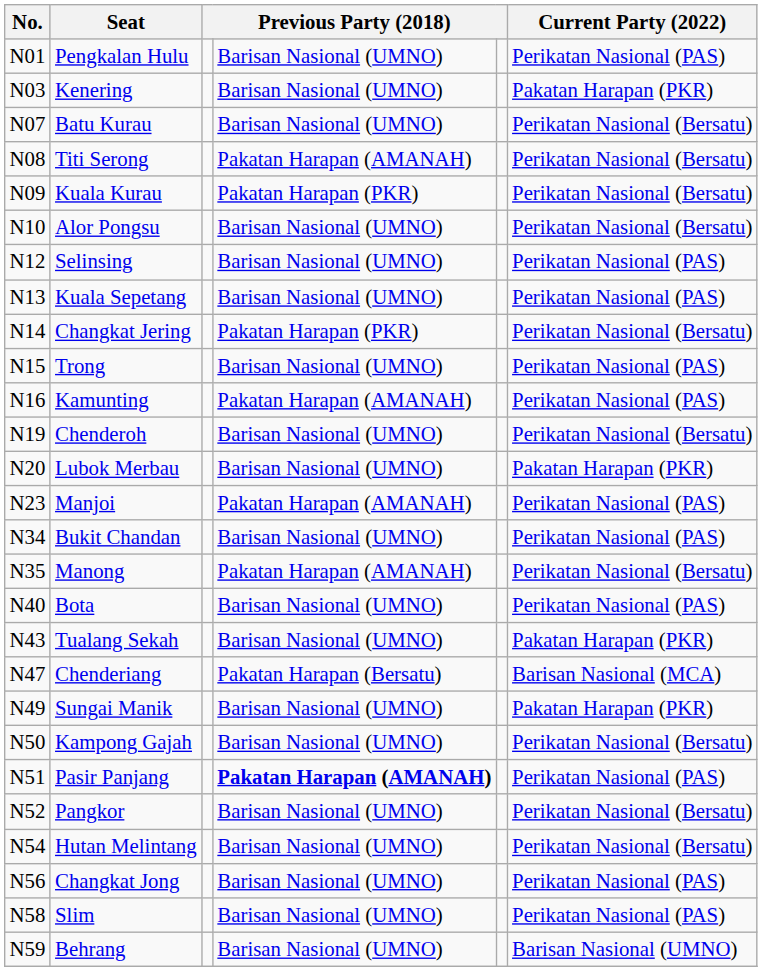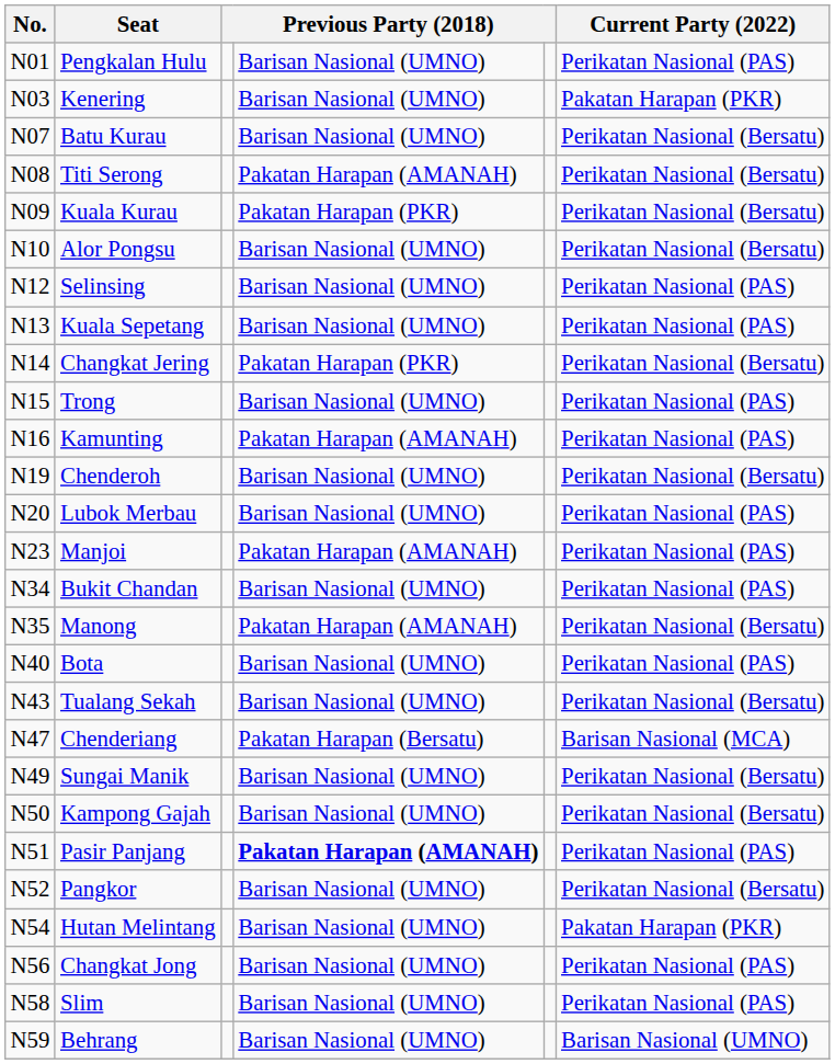 <table class="wikitable sortable" style="font-size:95%;">
 <tr>
 <th scope="col">No.</th>
 <th scope="col">Seat</th>
 <th colspan="3" scope="col">Previous Party (2018)</th>
 <th colspan="3" scope="col">Current Party (2022)</th>
 </tr>
 <tr>
 <td>N01</td>
 <td><a href='#'>Pengkalan Hulu</a></td>
 <td width="1"></td>
 <td><a href='#'>Barisan Nasional</a> (<a href='#'>UMNO</a>)</td>
 <td width="1"></td>
 <td><a href='#'>Perikatan Nasional</a> (<a href='#'>PAS</a>)</td>
 </tr>
 <tr>
 <td>N03</td>
 <td><a href='#'>Kenering</a></td>
 <td width="1"></td>
 <td><a href='#'>Barisan Nasional</a> (<a href='#'>UMNO</a>)</td>
 <td width="1"></td>
 <td><a href='#'>Pakatan Harapan</a> (<a href='#'>PKR</a>)</td>
 </tr>
 <tr>
 <td>N07</td>
 <td><a href='#'>Batu Kurau</a></td>
 <td width="1"></td>
 <td><a href='#'>Barisan Nasional</a> (<a href='#'>UMNO</a>)</td>
 <td width="1"></td>
 <td><a href='#'>Perikatan Nasional</a> (<a href='#'>Bersatu</a>)</td>
 </tr>
 <tr>
 <td>N08</td>
 <td><a href='#'>Titi Serong</a></td>
 <td width="1"></td>
 <td><a href='#'>Pakatan Harapan</a> (<a href='#'>AMANAH</a>)</td>
 <td width="1"></td>
 <td><a href='#'>Perikatan Nasional</a> (<a href='#'>Bersatu</a>)</td>
 </tr>
 <tr>
 <td>N09</td>
 <td><a href='#'>Kuala Kurau</a></td>
 <td width="1"></td>
 <td><a href='#'>Pakatan Harapan</a> (<a href='#'>PKR</a>)</td>
 <td width="1"></td>
 <td><a href='#'>Perikatan Nasional</a> (<a href='#'>Bersatu</a>)</td>
 </tr>
 <tr>
 <td>N10</td>
 <td><a href='#'>Alor Pongsu</a></td>
 <td width="1"></td>
 <td><a href='#'>Barisan Nasional</a> (<a href='#'>UMNO</a>)</td>
 <td width="1"></td>
 <td><a href='#'>Perikatan Nasional</a> (<a href='#'>Bersatu</a>)</td>
 </tr>
 <tr>
 <td>N12</td>
 <td><a href='#'>Selinsing</a></td>
 <td width="1"></td>
 <td><a href='#'>Barisan Nasional</a> (<a href='#'>UMNO</a>)</td>
 <td width="1"></td>
 <td><a href='#'>Perikatan Nasional</a> (<a href='#'>PAS</a>)</td>
 </tr>
 <tr>
 <td>N13</td>
 <td><a href='#'>Kuala Sepetang</a></td>
 <td width="1"></td>
 <td><a href='#'>Barisan Nasional</a> (<a href='#'>UMNO</a>)</td>
 <td width="1"></td>
 <td><a href='#'>Perikatan Nasional</a> (<a href='#'>PAS</a>)</td>
 </tr>
 <tr>
 <td>N14</td>
 <td><a href='#'>Changkat Jering</a></td>
 <td width="1"></td>
 <td><a href='#'>Pakatan Harapan</a> (<a href='#'>PKR</a>)</td>
 <td width="1"></td>
 <td><a href='#'>Perikatan Nasional</a> (<a href='#'>Bersatu</a>)</td>
 </tr>
 <tr>
 <td>N15</td>
 <td><a href='#'>Trong</a></td>
 <td width="1"></td>
 <td><a href='#'>Barisan Nasional</a> (<a href='#'>UMNO</a>)</td>
 <td width="1"></td>
 <td><a href='#'>Perikatan Nasional</a> (<a href='#'>PAS</a>)</td>
 </tr>
 <tr>
 <td>N16</td>
 <td><a href='#'>Kamunting</a></td>
 <td width="1"></td>
 <td><a href='#'>Pakatan Harapan</a> (<a href='#'>AMANAH</a>)</td>
 <td width="1"></td>
 <td><a href='#'>Perikatan Nasional</a> (<a href='#'>PAS</a>)</td>
 </tr>
 <tr>
 <td>N19</td>
 <td><a href='#'>Chenderoh</a></td>
 <td width="1"></td>
 <td><a href='#'>Barisan Nasional</a> (<a href='#'>UMNO</a>)</td>
 <td width="1"></td>
 <td><a href='#'>Perikatan Nasional</a> (<a href='#'>Bersatu</a>)</td>
 </tr>
 <tr>
 <td>N20</td>
 <td><a href='#'>Lubok Merbau</a></td>
 <td width="1"></td>
 <td><a href='#'>Barisan Nasional</a> (<a href='#'>UMNO</a>)</td>
 <td width="1"></td>
-<td><a href='#'>Pakatan Harapan</a> (<a href='#'>PKR</a>)</td>
+<td><a href='#'>Perikatan Nasional</a> (<a href='#'>PAS</a>)</td>
 </tr>
 <tr>
 <td>N23</td>
 <td><a href='#'>Manjoi</a></td>
 <td width="1"></td>
 <td><a href='#'>Pakatan Harapan</a> (<a href='#'>AMANAH</a>)</td>
 <td width="1"></td>
 <td><a href='#'>Perikatan Nasional</a> (<a href='#'>PAS</a>)</td>
 </tr>
 <tr>
 <td>N34</td>
 <td><a href='#'>Bukit Chandan</a></td>
 <td width="1"></td>
 <td><a href='#'>Barisan Nasional</a> (<a href='#'>UMNO</a>)</td>
 <td width="1"></td>
 <td><a href='#'>Perikatan Nasional</a> (<a href='#'>PAS</a>)</td>
 </tr>
 <tr>
 <td>N35</td>
 <td><a href='#'>Manong</a></td>
 <td width="1"></td>
 <td><a href='#'>Pakatan Harapan</a> (<a href='#'>AMANAH</a>)</td>
 <td width="1"></td>
 <td><a href='#'>Perikatan Nasional</a> (<a href='#'>Bersatu</a>)</td>
 </tr>
 <tr>
 <td>N40</td>
 <td><a href='#'>Bota</a></td>
 <td width="1"></td>
 <td><a href='#'>Barisan Nasional</a> (<a href='#'>UMNO</a>)</td>
 <td width="1"></td>
 <td><a href='#'>Perikatan Nasional</a> (<a href='#'>PAS</a>)</td>
 </tr>
 <tr>
 <td>N43</td>
 <td><a href='#'>Tualang Sekah</a></td>
 <td width="1"></td>
 <td><a href='#'>Barisan Nasional</a> (<a href='#'>UMNO</a>)</td>
 <td width="1"></td>
-<td><a href='#'>Pakatan Harapan</a> (<a href='#'>PKR</a>)</td>
+<td><a href='#'>Perikatan Nasional</a> (<a href='#'>Bersatu</a>)</td>
 </tr>
 <tr>
 <td>N47</td>
 <td><a href='#'>Chenderiang</a></td>
 <td width="1"></td>
 <td><a href='#'>Pakatan Harapan</a> (<a href='#'>Bersatu</a>)</td>
 <td width="1"></td>
 <td><a href='#'>Barisan Nasional</a> (<a href='#'>MCA</a>)</td>
 </tr>
 <tr>
 <td>N49</td>
 <td><a href='#'>Sungai Manik</a></td>
 <td width="1"></td>
 <td><a href='#'>Barisan Nasional</a> (<a href='#'>UMNO</a>)</td>
 <td width="1"></td>
-<td><a href='#'>Pakatan Harapan</a> (<a href='#'>PKR</a>)</td>
+<td><a href='#'>Perikatan Nasional</a> (<a href='#'>Bersatu</a>)</td>
 </tr>
 <tr>
 <td>N50</td>
 <td><a href='#'>Kampong Gajah</a></td>
 <td width="1"></td>
 <td><a href='#'>Barisan Nasional</a> (<a href='#'>UMNO</a>)</td>
 <td width="1"></td>
 <td><a href='#'>Perikatan Nasional</a> (<a href='#'>Bersatu</a>)</td>
 </tr>
 <tr>
 <td>N51</td>
 <td><a href='#'>Pasir Panjang</a></td>
 <td width="1"></td>
 <td><strong><a href='#'>Pakatan Harapan</a> (<a href='#'>AMANAH</a>)</strong></td>
 <td width="1"></td>
 <td><a href='#'>Perikatan Nasional</a> (<a href='#'>PAS</a>)</td>
 </tr>
 <tr>
 <td>N52</td>
 <td><a href='#'>Pangkor</a></td>
 <td width="1"></td>
 <td><a href='#'>Barisan Nasional</a> (<a href='#'>UMNO</a>)</td>
 <td width="1"></td>
 <td><a href='#'>Perikatan Nasional</a> (<a href='#'>Bersatu</a>)</td>
 </tr>
 <tr>
 <td>N54</td>
 <td><a href='#'>Hutan Melintang</a></td>
 <td width="1"></td>
 <td><a href='#'>Barisan Nasional</a> (<a href='#'>UMNO</a>)</td>
 <td width="1"></td>
-<td><a href='#'>Perikatan Nasional</a> (<a href='#'>Bersatu</a>)</td>
+<td><a href='#'>Pakatan Harapan</a> (<a href='#'>PKR</a>)</td>
 </tr>
 <tr>
 <td>N56</td>
 <td><a href='#'>Changkat Jong</a></td>
 <td width="1"></td>
 <td><a href='#'>Barisan Nasional</a> (<a href='#'>UMNO</a>)</td>
 <td width="1"></td>
 <td><a href='#'>Perikatan Nasional</a> (<a href='#'>PAS</a>)</td>
 </tr>
 <tr>
 <td>N58</td>
 <td><a href='#'>Slim</a></td>
 <td width="1"></td>
 <td><a href='#'>Barisan Nasional</a> (<a href='#'>UMNO</a>)</td>
 <td width="1"></td>
 <td><a href='#'>Perikatan Nasional</a> (<a href='#'>PAS</a>)</td>
 </tr>
 <tr>
 <td>N59</td>
 <td><a href='#'>Behrang</a></td>
 <td width="1"></td>
 <td><a href='#'>Barisan Nasional</a> (<a href='#'>UMNO</a>)</td>
 <td width="1"></td>
 <td><a href='#'>Barisan Nasional</a> (<a href='#'>UMNO</a>)</td>
 </tr>
 <tr>
 </tr>
 </table>
